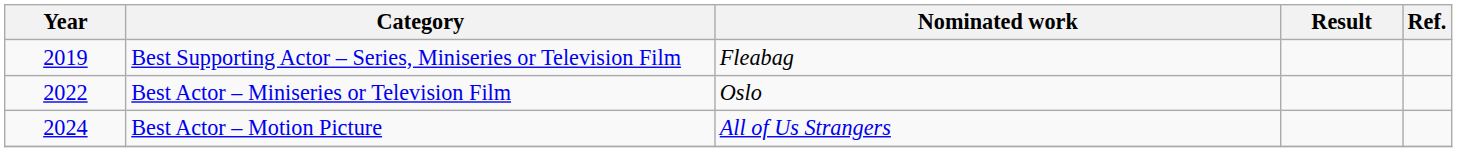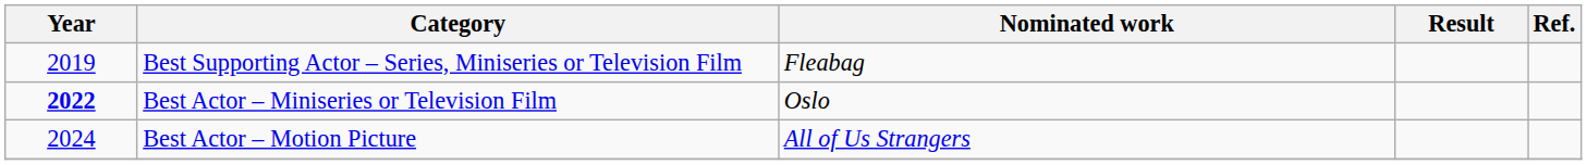 <table class=wikitable>
 <tr>
 <th scope="col" style="width:5em;">Year</th>
 <th scope="col" style="width:26em;">Category</th>
 <th scope="col" style="width:25em;">Nominated work</th>
 <th scope="col" style="width:5em;">Result</th>
 <th>Ref.</th>
 </tr>
 <tr>
 <td style="text-align:center;"><a href='#'>2019</a></td>
 <td><a href='#'>Best Supporting Actor – Series, Miniseries or Television Film</a></td>
 <td><em>Fleabag</em></td>
 <td></td>
 <td></td>
 </tr>
 <tr>
-<td style="text-align:center;"><a href='#'>2022</a></td>
+<td style="text-align:center;"><strong><a href='#'>2022</a></strong></td>
 <td><a href='#'>Best Actor – Miniseries or Television Film</a></td>
 <td><em>Oslo</em></td>
 <td></td>
 <td></td>
 </tr>
 <tr>
 <td style="text-align:center;"><a href='#'>2024</a></td>
 <td><a href='#'>Best Actor – Motion Picture</a></td>
 <td><em><a href='#'>All of Us Strangers</a></em></td>
 <td></td>
 <td></td>
 </tr>
 <tr>
 </tr>
 </table>
